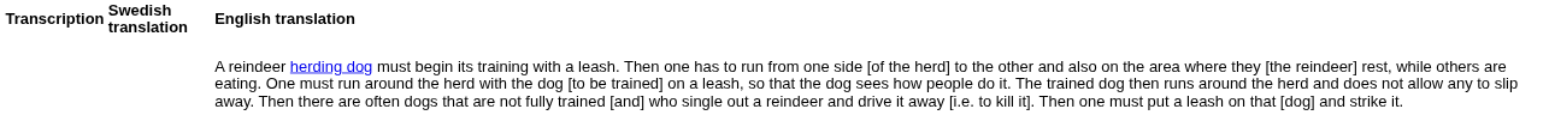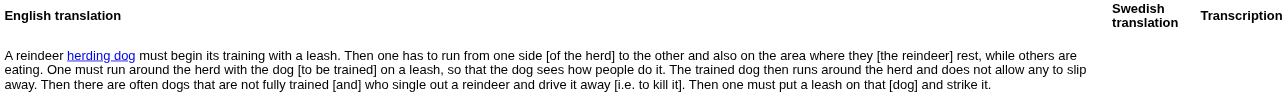 <table>
 <tr ---->
+<td><strong>English translation</strong></td>
+<td><strong>Swedish translation</strong></td>
 <td><strong>Transcription</strong></td>
-<td><strong>Swedish translation</strong></td>
-<td><strong>English translation</strong></td>
 </tr>
 <tr ---->
+<td><br>A reindeer <a href='#'>herding dog</a> must begin its training with a leash. Then one has to run from one side [of the herd] to the other and also on the area where they [the reindeer] rest, while others are eating. One must run around the herd with the dog [to be trained] on a leash, so that the dog sees how people do it. The trained dog then runs around the herd and does not allow any to slip away. Then there are often dogs that are not fully trained [and] who single out a reindeer and drive it away [i.e. to kill it]. Then one must put a leash on that [dog] and strike it.</td>
+<td><br></td>
 <td></td>
-<td><br></td>
-<td><br>A reindeer <a href='#'>herding dog</a> must begin its training with a leash. Then one has to run from one side [of the herd] to the other and also on the area where they [the reindeer] rest, while others are eating. One must run around the herd with the dog [to be trained] on a leash, so that the dog sees how people do it. The trained dog then runs around the herd and does not allow any to slip away. Then there are often dogs that are not fully trained [and] who single out a reindeer and drive it away [i.e. to kill it]. Then one must put a leash on that [dog] and strike it.</td>
 </tr>
 </table>
